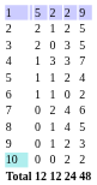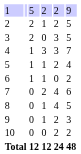 <table>
 <tr style="background:#ccf;">
 <td>1</td>
 <td align=left></td>
 <td>5</td>
 <td>2</td>
 <td>2</td>
 <td>9</td>
 </tr>
 <tr>
 <td>2</td>
 <td align=left></td>
 <td>2</td>
 <td>1</td>
 <td>2</td>
 <td>5</td>
 </tr>
 <tr>
 <td>3</td>
 <td align=left></td>
 <td>2</td>
 <td>0</td>
 <td>3</td>
 <td>5</td>
 </tr>
 <tr>
 <td>4</td>
 <td align=left></td>
 <td>1</td>
 <td>3</td>
 <td>3</td>
 <td>7</td>
 </tr>
 <tr>
 <td>5</td>
 <td align=left></td>
 <td>1</td>
 <td>1</td>
 <td>2</td>
 <td>4</td>
 </tr>
 <tr>
 <td>6</td>
 <td align=left></td>
 <td>1</td>
 <td>1</td>
 <td>0</td>
 <td>2</td>
 </tr>
 <tr>
 <td>7</td>
 <td align=left></td>
 <td>0</td>
 <td>2</td>
 <td>4</td>
 <td>6</td>
 </tr>
 <tr>
 <td>8</td>
 <td align=left></td>
 <td>0</td>
 <td>1</td>
 <td>4</td>
 <td>5</td>
 </tr>
 <tr>
 <td>9</td>
 <td align=left></td>
 <td>0</td>
 <td>1</td>
 <td>2</td>
 <td>3</td>
 </tr>
 <tr>
-<td style="background: paleturquoise;">10</td>
+<td>10</td>
 <td align=left></td>
 <td>0</td>
 <td>0</td>
 <td>2</td>
 <td>2</td>
 </tr>
 <tr>
 <th colspan=2>Total</th>
 <th>12</th>
 <th>12</th>
 <th>24</th>
 <th>48</th>
 </tr>
 </table>
